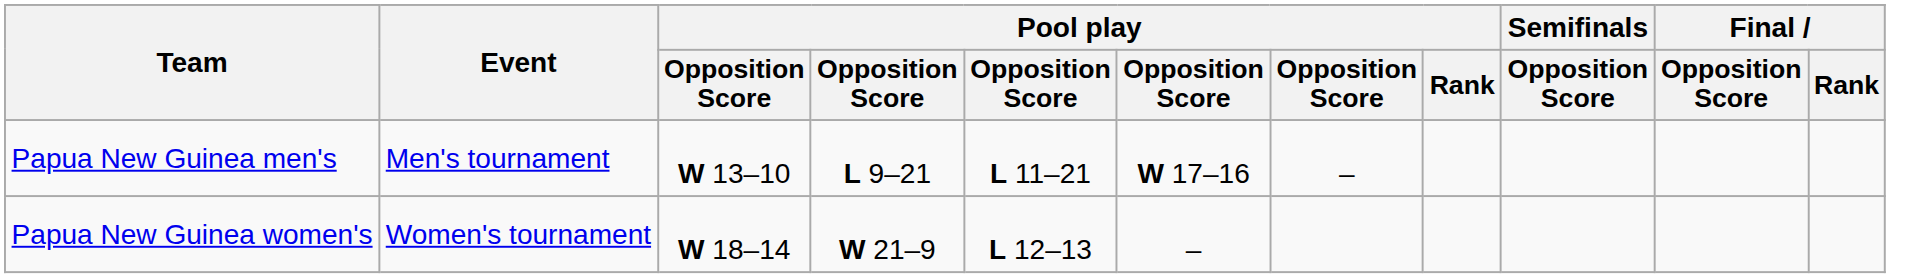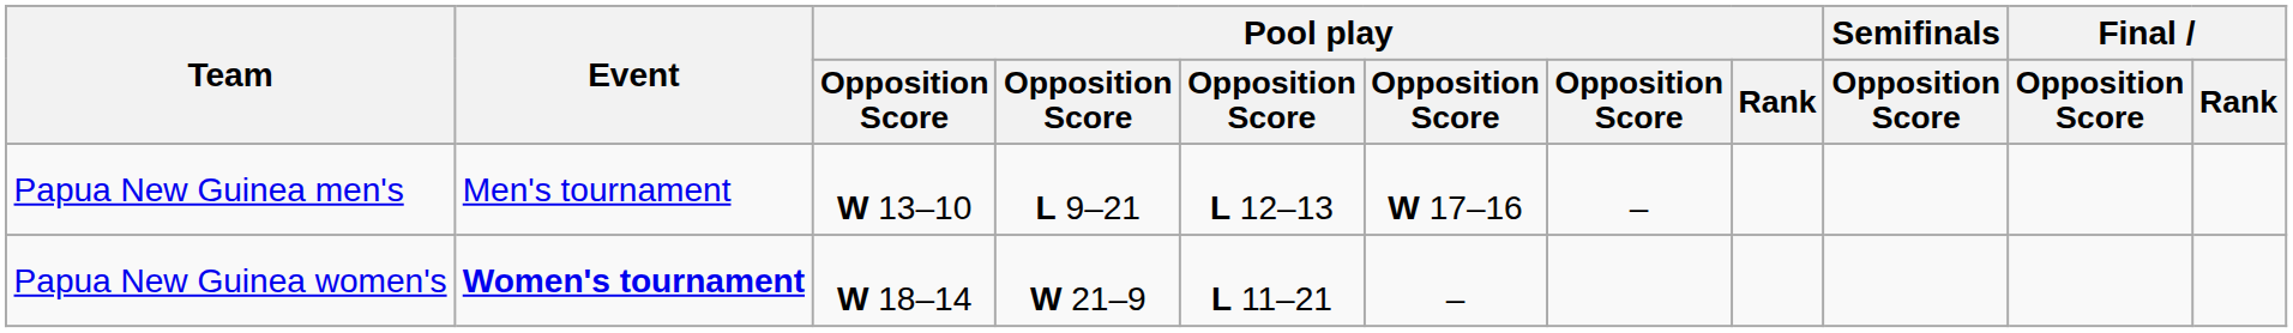 <table class=wikitable style=font-size:90%;text-align:center>
 <tr>
 <th rowspan=2>Team</th>
 <th rowspan=2>Event</th>
 <th colspan=6>Pool play</th>
 <th>Semifinals</th>
 <th colspan=2>Final / </th>
 </tr>
 <tr style=font-size:95%>
 <th>Opposition<br>Score</th>
 <th>Opposition<br>Score</th>
 <th>Opposition<br>Score</th>
 <th>Opposition<br>Score</th>
 <th>Opposition<br>Score</th>
 <th>Rank</th>
 <th>Opposition<br>Score</th>
 <th>Opposition<br>Score</th>
 <th>Rank</th>
 </tr>
 <tr>
 <td align=left><a href='#'>Papua New Guinea men's</a></td>
 <td align=left><a href='#'>Men's tournament</a></td>
 <td><br><strong>W</strong> 13–10</td>
 <td><br><strong>L</strong> 9–21</td>
-<td><br><strong>L</strong> 11–21</td>
+<td><br><strong>L</strong> 12–13</td>
 <td><br><strong>W</strong> 17–16</td>
 <td><br> –</td>
 <td></td>
 <td></td>
 <td></td>
 </tr>
 <tr>
 <td align=left><a href='#'>Papua New Guinea women's</a></td>
-<td align=left><a href='#'>Women's tournament</a></td>
+<td align=left><strong><a href='#'>Women's tournament</a></strong></td>
 <td><br><strong>W</strong> 18–14</td>
 <td><br><strong>W</strong> 21–9</td>
-<td><br><strong>L</strong> 12–13</td>
+<td><br><strong>L</strong> 11–21</td>
 <td><br> –</td>
 <td></td>
 <td></td>
 <td></td>
 <td></td>
 <td></td>
 </tr>
 </table>
